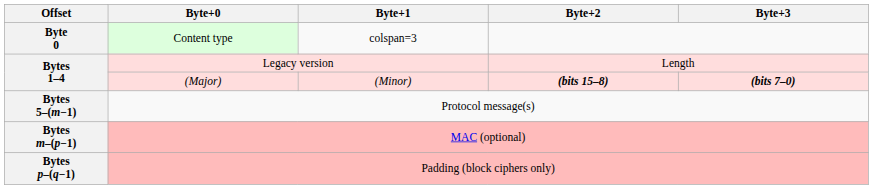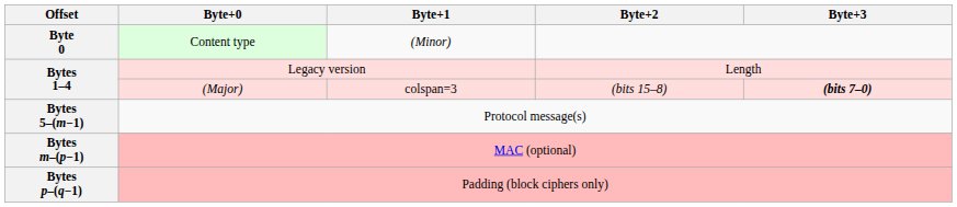 <table class="wikitable"style=width:95%;text-align:center>
 <tr>
 <th scope=col>Offset</th>
 <th scope=col style=width:22%>Byte+0</th>
 <th scope=col style=width:22%>Byte+1</th>
 <th scope=col style=width:22%>Byte+2</th>
 <th scope=col style=width:22%>Byte+3</th>
 </tr>
 <tr>
 <th scope=row>Byte<br>0</th>
 <td style=background:#dfd>Content type</td>
-<td>colspan=3</td>
+<td><em>(Minor)</em></td>
 </tr>
 <tr>
 <th scope=row rowspan=2>Bytes<br>1–4</th>
 <td colspan=2 style=background:#fdd>Legacy version</td>
 <td colspan=2 style=background:#fdd>Length</td>
 </tr>
 <tr style=background:#fdd>
 <td><em>(Major)</em></td>
-<td><em>(Minor)</em></td>
-<td><strong><em>(bits 15–8)</em></strong></td>
+<td>colspan=3</td>
+<td><em>(bits 15–8)</em></td>
 <td><strong><em>(bits 7–0)</em></strong></td>
 </tr>
 <tr>
 <th scope=row>Bytes<br>5–(<em>m</em>−1)</th>
 <td colspan=4>Protocol message(s)</td>
 </tr>
 <tr>
 <th scope=row>Bytes<br><em>m</em>–(<em>p</em>−1)</th>
 <td colspan=4 style=background:#fbb><a href='#'>MAC</a> (optional)</td>
 </tr>
 <tr>
 <th scope=row>Bytes<br><em>p</em>–(<em>q</em>−1)</th>
 <td colspan=4 style=background:#fbb>Padding (block ciphers only)</td>
 </tr>
 </table>
